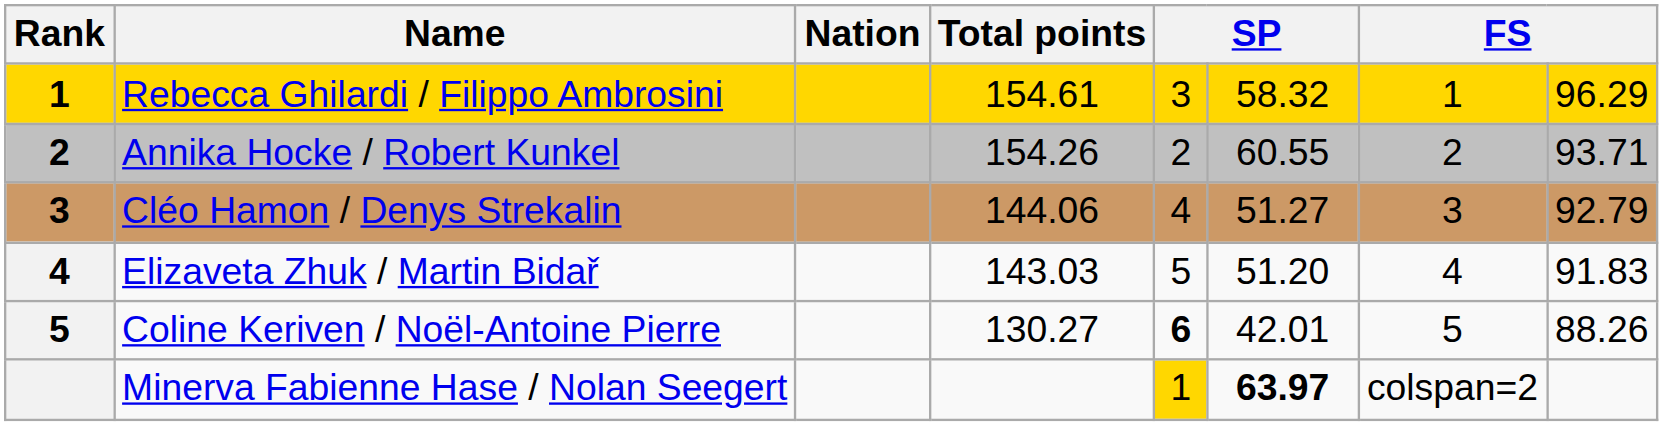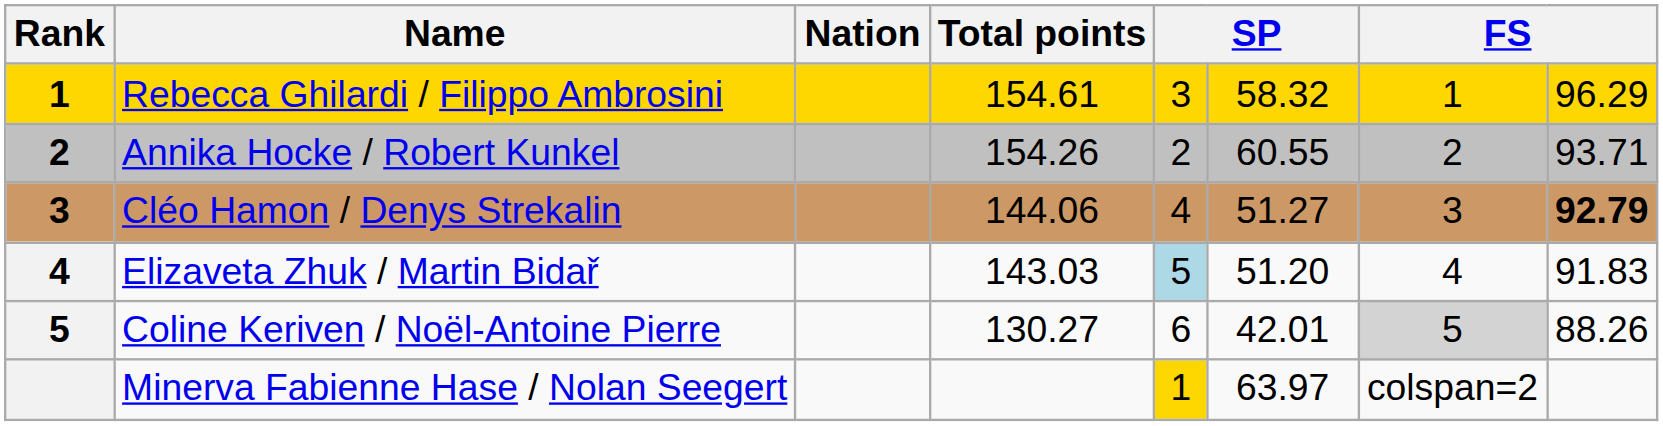 <table class="wikitable sortable">
 <tr>
 <th>Rank</th>
 <th>Name</th>
 <th>Nation</th>
 <th>Total points</th>
 <th colspan="2" width="80px"><a href='#'>SP</a></th>
 <th colspan="2" width="80px"><a href='#'>FS</a></th>
 </tr>
 <tr bgcolor="gold">
 <td align="center"><strong>1</strong></td>
 <td><a href='#'>Rebecca Ghilardi</a> / <a href='#'>Filippo Ambrosini</a></td>
 <td></td>
 <td align="center">154.61</td>
 <td align="center">3</td>
 <td align="center">58.32</td>
 <td align="center">1</td>
 <td align="center">96.29</td>
 </tr>
 <tr bgcolor="silver">
 <td align="center"><strong>2</strong></td>
 <td><a href='#'>Annika Hocke</a> / <a href='#'>Robert Kunkel</a></td>
 <td></td>
 <td align="center">154.26</td>
 <td align="center">2</td>
 <td align="center">60.55</td>
 <td align="center">2</td>
 <td align="center">93.71</td>
 </tr>
 <tr bgcolor="cc9966">
 <td align="center"><strong>3</strong></td>
 <td><a href='#'>Cléo Hamon</a> / <a href='#'>Denys Strekalin</a></td>
 <td></td>
 <td align="center">144.06</td>
 <td align="center">4</td>
 <td align="center">51.27</td>
 <td align="center">3</td>
-<td align="center">92.79</td>
+<td align="center"><strong>92.79</strong></td>
 </tr>
 <tr>
 <th>4</th>
 <td><a href='#'>Elizaveta Zhuk</a> / <a href='#'>Martin Bidař</a></td>
 <td></td>
 <td align="center">143.03</td>
-<td align="center">5</td>
+<td align="center" style="background: lightblue;">5</td>
 <td align="center">51.20</td>
 <td align="center">4</td>
 <td align="center">91.83</td>
 </tr>
 <tr>
 <th>5</th>
 <td><a href='#'>Coline Keriven</a> / <a href='#'>Noël-Antoine Pierre</a></td>
 <td></td>
 <td align="center">130.27</td>
-<td align="center"><strong>6</strong></td>
+<td align="center">6</td>
 <td align="center">42.01</td>
-<td align="center">5</td>
+<td align="center" style="background: lightgrey;">5</td>
 <td align="center">88.26</td>
 </tr>
 <tr>
 <th></th>
 <td><a href='#'>Minerva Fabienne Hase</a> / <a href='#'>Nolan Seegert</a></td>
 <td></td>
 <td></td>
 <td align="center" style="background: gold;">1</td>
-<td align="center"><strong>63.97</strong></td>
+<td align="center">63.97</td>
 <td>colspan=2 </td>
 </tr>
 </table>
